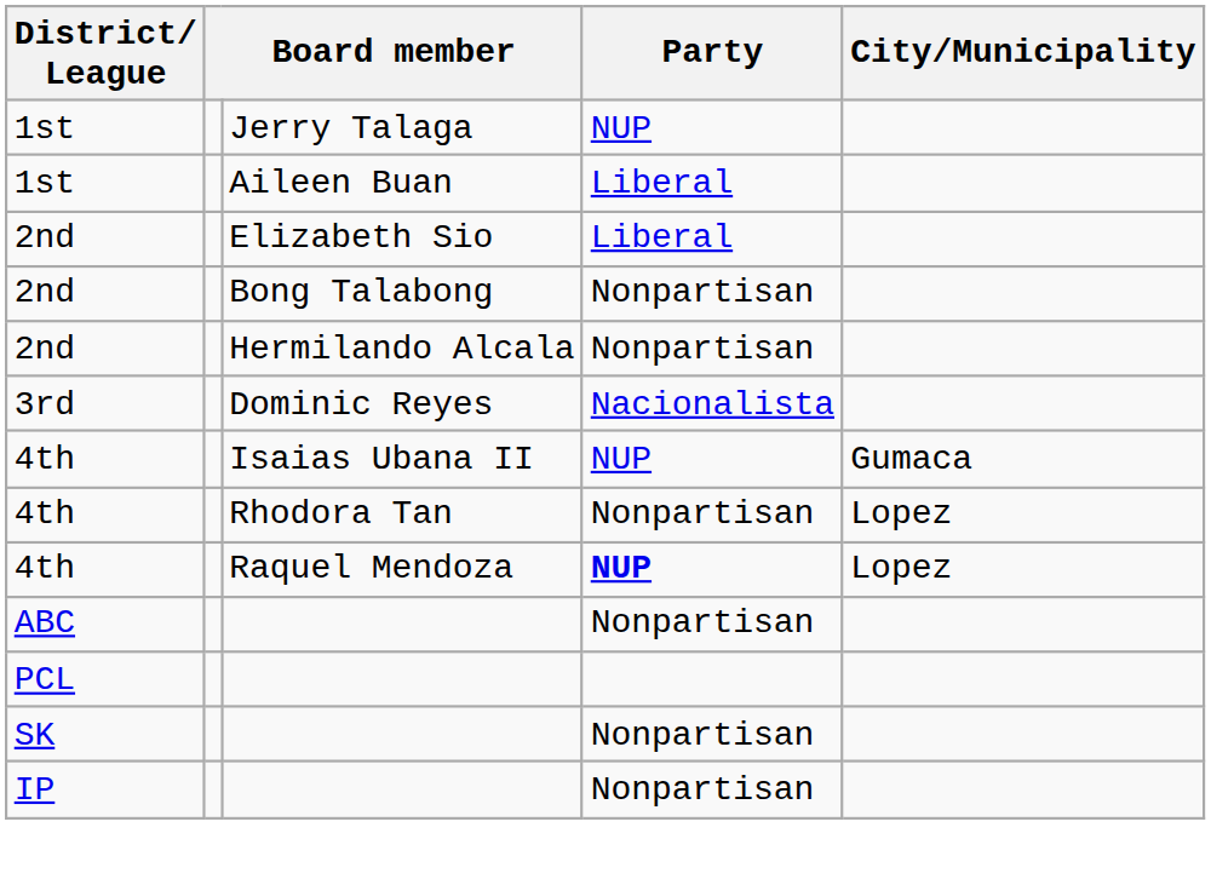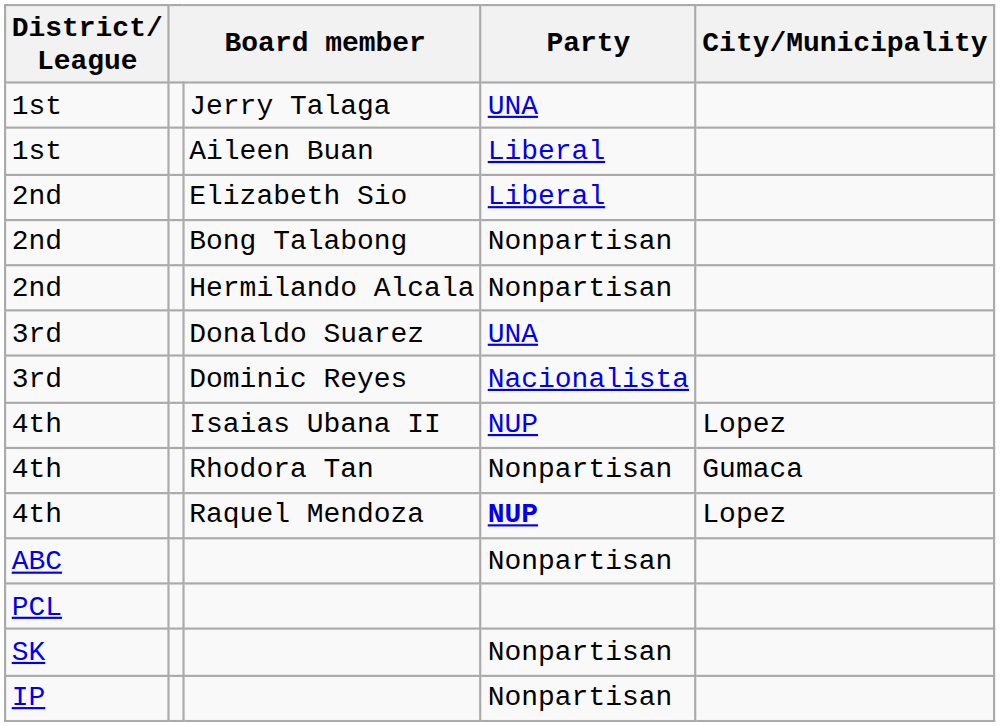 <table class="wikitable">
 <tr>
 <th>District/<br>League</th>
 <th colspan="2">Board member</th>
 <th>Party</th>
 <th>City/Municipality</th>
 </tr>
 <tr>
 <td>1st</td>
 <td></td>
 <td>Jerry Talaga</td>
-<td><a href='#'>NUP</a></td>
+<td><a href='#'>UNA</a></td>
 <td></td>
 </tr>
 <tr>
 <td>1st</td>
 <td></td>
 <td>Aileen Buan</td>
 <td><a href='#'>Liberal</a></td>
 <td></td>
 </tr>
 <tr>
 <td>2nd</td>
 <td></td>
 <td>Elizabeth Sio</td>
 <td><a href='#'>Liberal</a></td>
 <td></td>
 </tr>
 <tr>
 <td>2nd</td>
 <td></td>
 <td>Bong Talabong</td>
 <td>Nonpartisan</td>
 <td></td>
 </tr>
 <tr>
 <td>2nd</td>
 <td></td>
 <td>Hermilando Alcala</td>
 <td>Nonpartisan</td>
 <td></td>
 </tr>
 <tr>
 <td>3rd</td>
 <td></td>
+<td>Donaldo Suarez</td>
+<td><a href='#'>UNA</a></td>
+<td></td>
+</tr>
+<tr>
+<td>3rd</td>
+<td></td>
 <td>Dominic Reyes</td>
 <td><a href='#'>Nacionalista</a></td>
 <td></td>
 </tr>
 <tr>
 <td>4th</td>
 <td></td>
 <td>Isaias Ubana II</td>
 <td><a href='#'>NUP</a></td>
-<td>Gumaca</td>
+<td>Lopez</td>
 </tr>
 <tr>
 <td>4th</td>
 <td></td>
 <td>Rhodora Tan</td>
 <td>Nonpartisan</td>
-<td>Lopez</td>
+<td>Gumaca</td>
 </tr>
 <tr>
 <td>4th</td>
 <td></td>
 <td>Raquel Mendoza</td>
 <td><strong><a href='#'>NUP</a></strong></td>
 <td>Lopez</td>
 </tr>
 <tr>
 <td><a href='#'>ABC</a></td>
 <td></td>
 <td></td>
 <td>Nonpartisan</td>
 <td></td>
 </tr>
 <tr>
 <td><a href='#'>PCL</a></td>
 <td></td>
 <td></td>
 <td></td>
 <td></td>
 </tr>
 <tr>
 <td><a href='#'>SK</a></td>
 <td></td>
 <td></td>
 <td>Nonpartisan</td>
 <td></td>
 </tr>
 <tr>
 <td><a href='#'>IP</a></td>
 <td></td>
 <td></td>
 <td>Nonpartisan</td>
 <td></td>
 </tr>
 </table>
